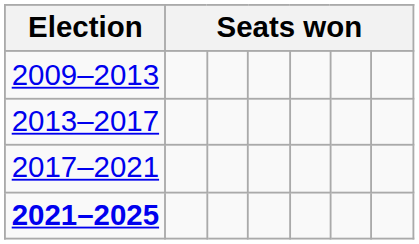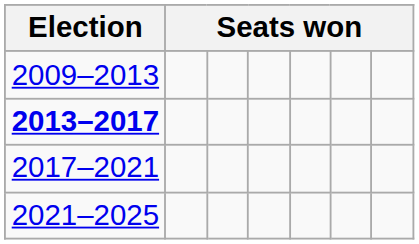 <table class="wikitable">
 <tr>
 <th><strong>Election</strong></th>
 <th colspan=6><strong>Seats won</strong></th>
 </tr>
 <tr>
 <td><a href='#'>2009–2013</a></td>
 <td width=15 > </td>
 <td width=15 > </td>
 <td width=15 > </td>
 <td width=15 > </td>
 <td width=15 > </td>
 <td width=15 > </td>
 </tr>
 <tr>
-<td><a href='#'>2013–2017</a></td>
+<td><strong><a href='#'>2013–2017</a></strong></td>
 <td width=15 > </td>
 <td width=15 > </td>
 <td width=15 > </td>
 <td width=15 > </td>
 <td width=15 > </td>
 <td width=15 > </td>
 </tr>
 <tr>
 <td><a href='#'>2017–2021</a></td>
 <td width=15 > </td>
 <td width=15 > </td>
 <td width=15 > </td>
 <td width=15 > </td>
 <td width=15 > </td>
 <td width=15 > </td>
 </tr>
 <tr>
-<td><strong><a href='#'>2021–2025</a></strong></td>
+<td><a href='#'>2021–2025</a></td>
 <td width=15 > </td>
 <td width=15 > </td>
 <td width=15 > </td>
 <td width=15 > </td>
 <td width=15 > </td>
 <td width=15 > </td>
 </tr>
 </table>
